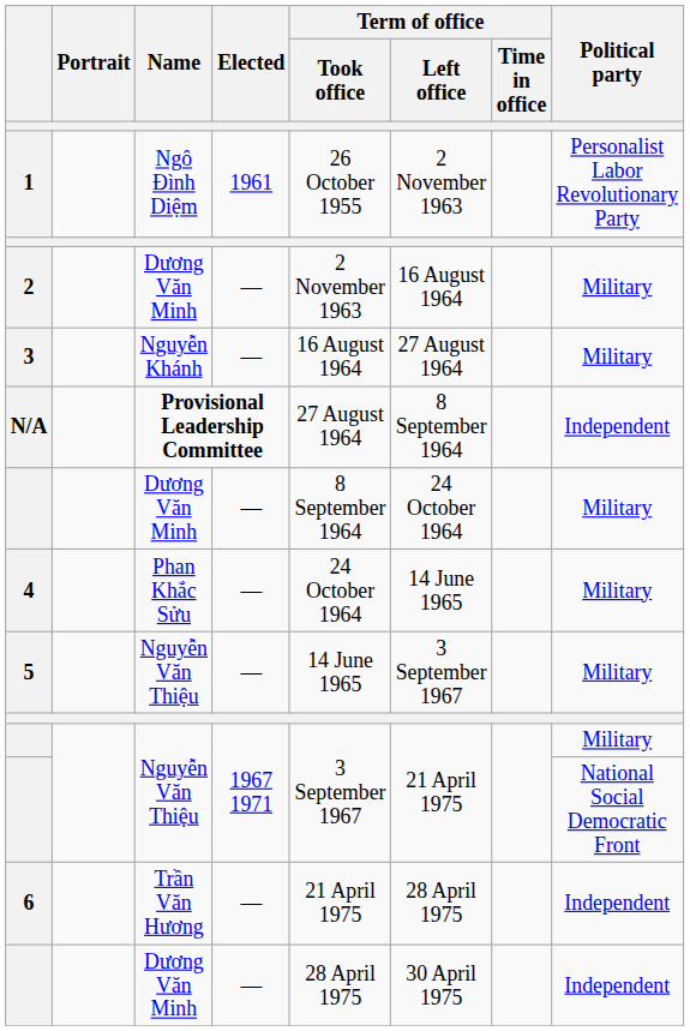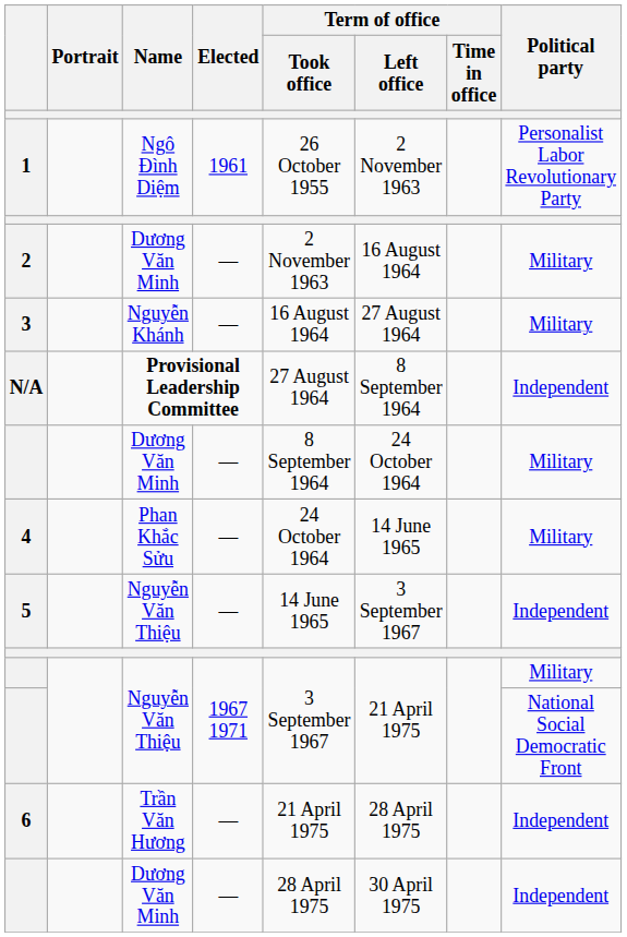 <table class="wikitable" style="text-align:center; border:1px #aaf solid; width:80%;">
 <tr>
 <th rowspan="2"></th>
 <th rowspan="2" style="width:70px;">Portrait</th>
 <th rowspan="2">Name<br></th>
 <th rowspan="2">Elected</th>
 <th colspan="3">Term of office</th>
 <th rowspan="2">Political party</th>
 </tr>
 <tr>
 <th>Took office</th>
 <th>Left office</th>
 <th>Time in office</th>
 </tr>
 <tr>
 <th colspan=8></th>
 </tr>
 <tr>
 <th style="background:">1</th>
 <td></td>
 <td><a href='#'>Ngô Đình Diệm</a><br></td>
 <td><a href='#'>1961</a></td>
 <td>26 October 1955</td>
 <td>2 November 1963</td>
 <td></td>
 <td><a href='#'>Personalist Labor Revolutionary Party</a></td>
 </tr>
 <tr>
 <th colspan=8></th>
 </tr>
 <tr>
 <th style="background:">2</th>
 <td></td>
 <td><a href='#'>Dương Văn Minh</a><br></td>
 <td>—</td>
 <td>2 November 1963</td>
 <td>16 August 1964</td>
 <td></td>
 <td><a href='#'>Military</a></td>
 </tr>
 <tr>
 <th style="background:">3</th>
 <td></td>
 <td><a href='#'>Nguyễn Khánh</a><br></td>
 <td>—</td>
 <td>16 August 1964</td>
 <td>27 August 1964</td>
 <td></td>
 <td><a href='#'>Military</a></td>
 </tr>
 <tr>
 <th style="background:">N/A</th>
 <td></td>
 <td colspan="2"><strong>Provisional Leadership Committee</strong> <br> </td>
 <td>27 August 1964</td>
 <td>8 September 1964</td>
 <td></td>
 <td><a href='#'>Independent</a></td>
 </tr>
 <tr>
 <th style="background:"></th>
 <td></td>
 <td><a href='#'>Dương Văn Minh</a><br></td>
 <td>—</td>
 <td>8 September 1964</td>
 <td>24 October 1964</td>
 <td></td>
 <td><a href='#'>Military</a></td>
 </tr>
 <tr>
 <th style="background:">4</th>
 <td></td>
 <td><a href='#'>Phan Khắc Sửu</a><br></td>
 <td>—</td>
 <td>24 October 1964</td>
 <td>14 June 1965</td>
 <td></td>
 <td><a href='#'>Military</a></td>
 </tr>
 <tr>
 <th style="background:">5</th>
 <td></td>
 <td><a href='#'>Nguyễn Văn Thiệu</a><br></td>
 <td>—</td>
 <td>14 June 1965</td>
 <td>3 September 1967</td>
 <td></td>
-<td><a href='#'>Military</a></td>
+<td><a href='#'>Independent</a></td>
 </tr>
 <tr>
 <th colspan=8></th>
 </tr>
 <tr>
 <th style="background:"></th>
 <td rowspan="2"></td>
 <td rowspan="2"><a href='#'>Nguyễn Văn Thiệu</a><br></td>
 <td rowspan="2"><a href='#'>1967</a><br><a href='#'>1971</a></td>
 <td rowspan="2">3 September 1967</td>
 <td rowspan="2">21 April 1975</td>
 <td rowspan="2"></td>
 <td><a href='#'>Military</a><br></td>
 </tr>
 <tr>
 <th style="background:"></th>
 <td><a href='#'>National Social Democratic Front</a><br></td>
 </tr>
 <tr>
 <th style="background:">6</th>
 <td></td>
 <td><a href='#'>Trần Văn Hương</a><br></td>
 <td>—</td>
 <td>21 April 1975</td>
 <td>28 April 1975</td>
 <td></td>
 <td><a href='#'>Independent</a></td>
 </tr>
 <tr>
 <th style="background:"></th>
 <td></td>
 <td><a href='#'>Dương Văn Minh</a><br></td>
 <td>—</td>
 <td>28 April 1975</td>
 <td>30 April 1975</td>
 <td></td>
 <td><a href='#'>Independent</a></td>
 </tr>
 </table>
